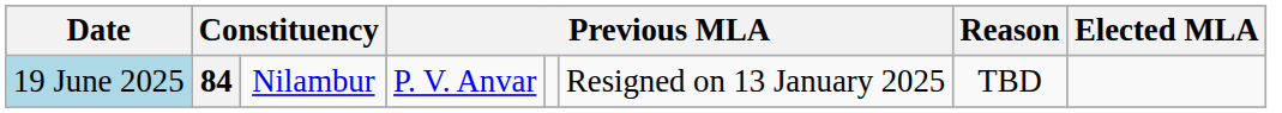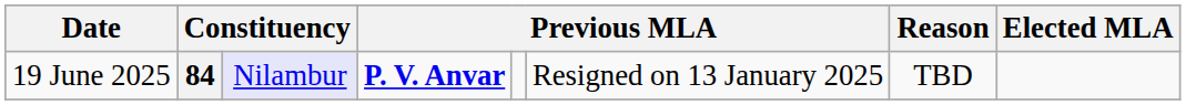 <table class="wikitable sortable" style="text-align:center;">
 <tr>
 <th>Date</th>
 <th colspan="2">Constituency</th>
 <th colspan="3">Previous MLA</th>
 <th>Reason</th>
 <th colspan="3">Elected MLA</th>
 </tr>
 <tr>
-<td rowspan=1 style="background: lightblue;">19 June 2025</td>
+<td rowspan=1>19 June 2025</td>
 <th>84</th>
-<td><a href='#'>Nilambur</a></td>
-<td><a href='#'>P. V. Anvar</a></td>
+<td style="background: lavender;"><a href='#'>Nilambur</a></td>
+<td><strong><a href='#'>P. V. Anvar</a></strong></td>
 <td></td>
 <td>Resigned on 13 January 2025</td>
 <td colspan="1" rowspan="1">TBD</td>
 </tr>
 </table>
